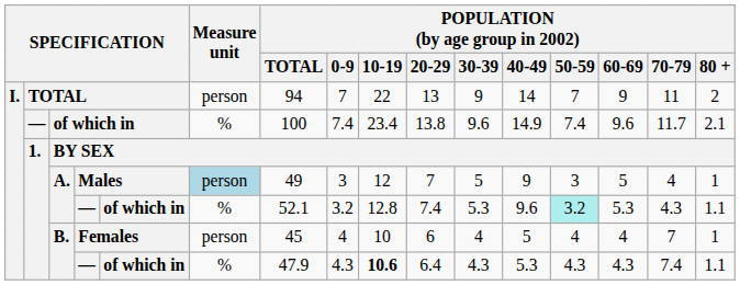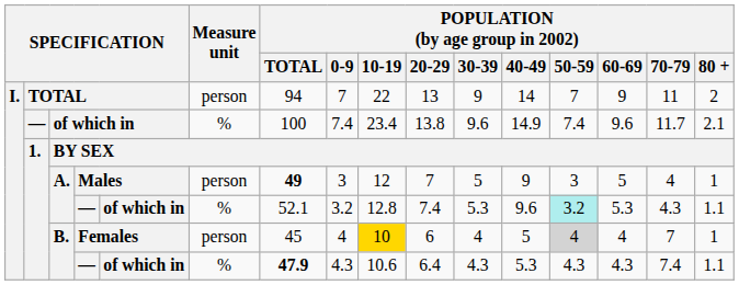 <table class="wikitable" style="font-size:85%; text-align:center">
 <tr>
 <th rowspan="2" colspan="5">SPECIFICATION</th>
 <th rowspan="2">Measure<br> unit</th>
 <th colspan="10" rowspan="1">POPULATION<br> (by age group in 2002)</th>
 </tr>
 <tr>
 <th>TOTAL</th>
 <th>0-9</th>
 <th>10-19</th>
 <th>20-29</th>
 <th>30-39</th>
 <th>40-49</th>
 <th>50-59</th>
 <th>60-69</th>
 <th>70-79</th>
 <th>80 +</th>
 </tr>
 <tr>
 <th style="text-align:left" valign="top" rowspan="7">I.</th>
 <th style="text-align:left" colspan="4">TOTAL</th>
 <td>person</td>
 <td>94</td>
 <td>7</td>
 <td>22</td>
 <td>13</td>
 <td>9</td>
 <td>14</td>
 <td>7</td>
 <td>9</td>
 <td>11</td>
 <td>2</td>
 </tr>
 <tr>
 <th style="text-align:left" valign="top">—</th>
 <th style="text-align:left" colspan="3">of which in</th>
 <td>%</td>
 <td>100</td>
 <td>7.4</td>
 <td>23.4</td>
 <td>13.8</td>
 <td>9.6</td>
 <td>14.9</td>
 <td>7.4</td>
 <td>9.6</td>
 <td>11.7</td>
 <td>2.1</td>
 </tr>
 <tr>
 <th style="text-align:left" valign="top" rowspan="5">1.</th>
 <th style="text-align:left" colspan="14">BY SEX</th>
 </tr>
 <tr>
 <th style="text-align:left" valign="top" rowspan="2">A.</th>
 <th style="text-align:left" colspan="2">Males</th>
-<td style="background: lightblue;">person</td>
-<td>49</td>
+<td>person</td>
+<td><strong>49</strong></td>
 <td>3</td>
 <td>12</td>
 <td>7</td>
 <td>5</td>
 <td>9</td>
 <td>3</td>
 <td>5</td>
 <td>4</td>
 <td>1</td>
 </tr>
 <tr>
 <th style="text-align:left" valign="top">—</th>
 <th style="text-align:left" colspan="1">of which in</th>
 <td>%</td>
 <td>52.1</td>
 <td>3.2</td>
 <td>12.8</td>
 <td>7.4</td>
 <td>5.3</td>
 <td>9.6</td>
 <td style="background: paleturquoise;">3.2</td>
 <td>5.3</td>
 <td>4.3</td>
 <td>1.1</td>
 </tr>
 <tr>
 <th style="text-align:left" valign="top" rowspan="2">B.</th>
 <th style="text-align:left" colspan="2">Females</th>
 <td>person</td>
 <td>45</td>
 <td>4</td>
-<td>10</td>
+<td style="background: gold;">10</td>
 <td>6</td>
 <td>4</td>
 <td>5</td>
-<td>4</td>
+<td style="background: lightgrey;">4</td>
 <td>4</td>
 <td>7</td>
 <td>1</td>
 </tr>
 <tr>
 <th style="text-align:left" valign="top">—</th>
 <th style="text-align:left" colspan="1">of which in</th>
 <td>%</td>
-<td>47.9</td>
+<td><strong>47.9</strong></td>
 <td>4.3</td>
-<td><strong>10.6</strong></td>
+<td>10.6</td>
 <td>6.4</td>
 <td>4.3</td>
 <td>5.3</td>
 <td>4.3</td>
 <td>4.3</td>
 <td>7.4</td>
 <td>1.1</td>
 </tr>
 </table>
